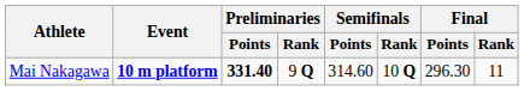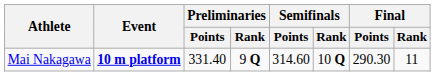 <table class="wikitable" style="font-size:90%;">
 <tr>
 <th rowspan="2">Athlete</th>
 <th rowspan="2">Event</th>
 <th colspan=2>Preliminaries</th>
 <th colspan=2>Semifinals</th>
 <th colspan=2>Final</th>
 </tr>
 <tr style="font-size:95%">
 <th>Points</th>
 <th>Rank</th>
 <th>Points</th>
 <th>Rank</th>
 <th>Points</th>
 <th>Rank</th>
 </tr>
 <tr align=center>
 <td align=left><a href='#'>Mai Nakagawa</a></td>
 <td align=left><strong><a href='#'>10 m platform</a></strong></td>
-<td><strong>331.40</strong></td>
+<td>331.40</td>
 <td>9 <strong>Q</strong></td>
 <td>314.60</td>
 <td>10 <strong>Q</strong></td>
-<td>296.30</td>
+<td>290.30</td>
 <td>11</td>
 </tr>
 </table>
